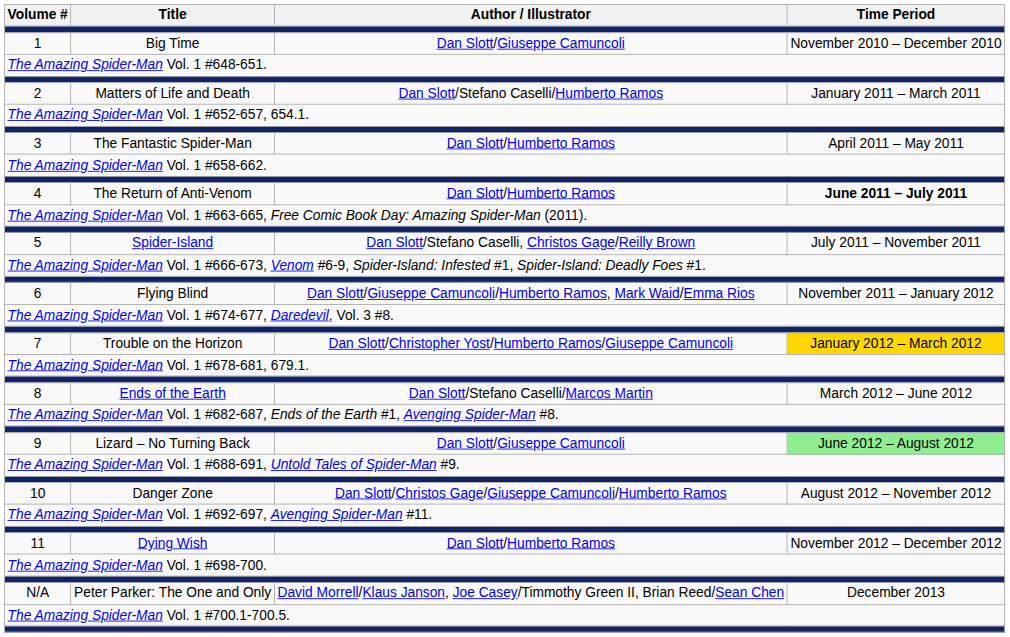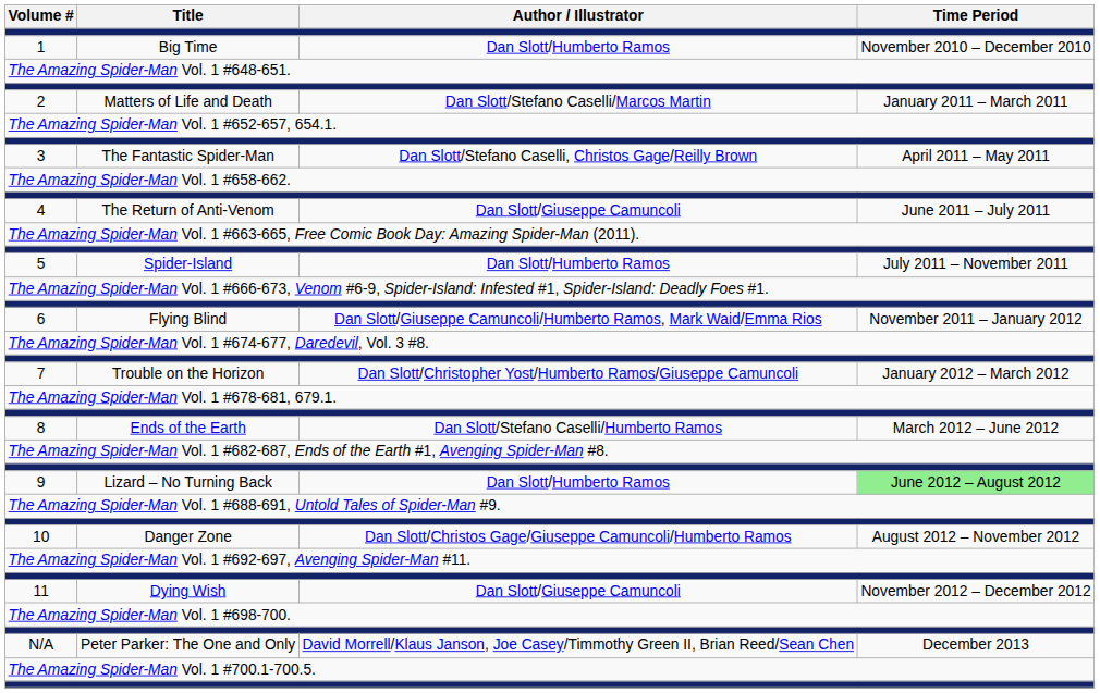 <table class="wikitable">
 <tr>
 <th>Volume #</th>
 <th>Title</th>
 <th>Author / Illustrator</th>
 <th>Time Period</th>
 </tr>
 <tr>
 <td colspan="6" bgcolor="#112266"></td>
 </tr>
 <tr>
 <td align="center">1</td>
 <td align="center">Big Time</td>
-<td align="center"><a href='#'>Dan Slott</a>/<a href='#'>Giuseppe Camuncoli</a></td>
+<td align="center"><a href='#'>Dan Slott</a>/<a href='#'>Humberto Ramos</a></td>
 <td align="center">November 2010 – December 2010</td>
 </tr>
 <tr>
 <td colspan="6"><em><a href='#'>The Amazing Spider-Man</a></em> Vol. 1 #648-651.</td>
 </tr>
 <tr>
 <td colspan="6" bgcolor="#112266"></td>
 </tr>
 <tr>
 <td align="center">2</td>
 <td align="center">Matters of Life and Death</td>
-<td align="center"><a href='#'>Dan Slott</a>/Stefano Caselli/<a href='#'>Humberto Ramos</a></td>
+<td align="center"><a href='#'>Dan Slott</a>/Stefano Caselli/<a href='#'>Marcos Martin</a></td>
 <td align="center">January 2011 – March 2011</td>
 </tr>
 <tr>
 <td colspan="6"><em><a href='#'>The Amazing Spider-Man</a></em> Vol. 1 #652-657, 654.1.</td>
 </tr>
 <tr>
 <td colspan="6" bgcolor="#112266"></td>
 </tr>
 <tr>
 <td align="center">3</td>
 <td align="center">The Fantastic Spider-Man</td>
-<td align="center"><a href='#'>Dan Slott</a>/<a href='#'>Humberto Ramos</a></td>
+<td align="center"><a href='#'>Dan Slott</a>/Stefano Caselli, <a href='#'>Christos Gage</a>/<a href='#'>Reilly Brown</a></td>
 <td align="center">April 2011 – May 2011</td>
 </tr>
 <tr>
 <td colspan="6"><em><a href='#'>The Amazing Spider-Man</a></em> Vol. 1 #658-662.</td>
 </tr>
 <tr>
 <td colspan="6" bgcolor="#112266"></td>
 </tr>
 <tr>
 <td align="center">4</td>
 <td align="center">The Return of Anti-Venom</td>
-<td align="center"><a href='#'>Dan Slott</a>/<a href='#'>Humberto Ramos</a></td>
-<td align="center"><strong>June 2011 – July 2011</strong></td>
+<td align="center"><a href='#'>Dan Slott</a>/<a href='#'>Giuseppe Camuncoli</a></td>
+<td align="center">June 2011 – July 2011</td>
 </tr>
 <tr>
 <td colspan="6"><em><a href='#'>The Amazing Spider-Man</a></em> Vol. 1 #663-665, <em>Free Comic Book Day: Amazing Spider-Man</em> (2011).</td>
 </tr>
 <tr>
 <td colspan="6" bgcolor="#112266"></td>
 </tr>
 <tr>
 <td align="center">5</td>
 <td align="center"><a href='#'>Spider-Island</a></td>
-<td align="center"><a href='#'>Dan Slott</a>/Stefano Caselli, <a href='#'>Christos Gage</a>/<a href='#'>Reilly Brown</a></td>
+<td align="center"><a href='#'>Dan Slott</a>/<a href='#'>Humberto Ramos</a></td>
 <td align="center">July 2011 – November 2011</td>
 </tr>
 <tr>
 <td colspan="6"><em><a href='#'>The Amazing Spider-Man</a></em> Vol. 1 #666-673, <em><a href='#'>Venom</a></em> #6-9, <em>Spider-Island: Infested</em> #1, <em>Spider-Island: Deadly Foes</em> #1.</td>
 </tr>
 <tr>
 <td colspan="6" bgcolor="#112266"></td>
 </tr>
 <tr>
 <td align="center">6</td>
 <td align="center">Flying Blind</td>
 <td align="center"><a href='#'>Dan Slott</a>/<a href='#'>Giuseppe Camuncoli</a>/<a href='#'>Humberto Ramos</a>, <a href='#'>Mark Waid</a>/<a href='#'>Emma Rios</a></td>
 <td align="center">November 2011 – January 2012</td>
 </tr>
 <tr>
 <td colspan="6"><em><a href='#'>The Amazing Spider-Man</a></em> Vol. 1 #674-677, <em><a href='#'>Daredevil</a></em>, Vol. 3 #8.</td>
 </tr>
 <tr>
 <td colspan="6" bgcolor="#112266"></td>
 </tr>
 <tr>
 <td align="center">7</td>
 <td align="center">Trouble on the Horizon</td>
 <td align="center"><a href='#'>Dan Slott</a>/<a href='#'>Christopher Yost</a>/<a href='#'>Humberto Ramos</a>/<a href='#'>Giuseppe Camuncoli</a></td>
-<td align="center" style="background: gold;">January 2012 – March 2012</td>
+<td align="center">January 2012 – March 2012</td>
 </tr>
 <tr>
 <td colspan="6"><em><a href='#'>The Amazing Spider-Man</a></em> Vol. 1 #678-681, 679.1.</td>
 </tr>
 <tr>
 <td colspan="6" bgcolor="#112266"></td>
 </tr>
 <tr>
 <td align="center">8</td>
 <td align="center"><a href='#'>Ends of the Earth</a></td>
-<td align="center"><a href='#'>Dan Slott</a>/Stefano Caselli/<a href='#'>Marcos Martin</a></td>
+<td align="center"><a href='#'>Dan Slott</a>/Stefano Caselli/<a href='#'>Humberto Ramos</a></td>
 <td align="center">March 2012 – June 2012</td>
 </tr>
 <tr>
 <td colspan="6"><em><a href='#'>The Amazing Spider-Man</a></em> Vol. 1 #682-687, <em>Ends of the Earth</em> #1, <em><a href='#'>Avenging Spider-Man</a></em> #8.</td>
 </tr>
 <tr>
 <td colspan="6" bgcolor="#112266"></td>
 </tr>
 <tr>
 <td align="center">9</td>
 <td align="center">Lizard – No Turning Back</td>
-<td align="center"><a href='#'>Dan Slott</a>/<a href='#'>Giuseppe Camuncoli</a></td>
+<td align="center"><a href='#'>Dan Slott</a>/<a href='#'>Humberto Ramos</a></td>
 <td align="center" style="background: lightgreen;">June 2012 – August 2012</td>
 </tr>
 <tr>
 <td colspan="6"><em><a href='#'>The Amazing Spider-Man</a></em> Vol. 1 #688-691, <em><a href='#'>Untold Tales of Spider-Man</a></em> #9.</td>
 </tr>
 <tr>
 <td colspan="6" bgcolor="#112266"></td>
 </tr>
 <tr>
 <td align="center">10</td>
 <td align="center">Danger Zone</td>
 <td align="center"><a href='#'>Dan Slott</a>/<a href='#'>Christos Gage</a>/<a href='#'>Giuseppe Camuncoli</a>/<a href='#'>Humberto Ramos</a></td>
 <td align="center">August 2012 – November 2012</td>
 </tr>
 <tr>
 <td colspan="6"><em><a href='#'>The Amazing Spider-Man</a></em> Vol. 1 #692-697, <em><a href='#'>Avenging Spider-Man</a></em> #11.</td>
 </tr>
 <tr>
 <td colspan="6" bgcolor="#112266"></td>
 </tr>
 <tr>
 <td align="center">11</td>
 <td align="center"><a href='#'>Dying Wish</a></td>
-<td align="center"><a href='#'>Dan Slott</a>/<a href='#'>Humberto Ramos</a></td>
+<td align="center"><a href='#'>Dan Slott</a>/<a href='#'>Giuseppe Camuncoli</a></td>
 <td align="center">November 2012 – December 2012</td>
 </tr>
 <tr>
 <td colspan="6"><em><a href='#'>The Amazing Spider-Man</a></em> Vol. 1 #698-700.</td>
 </tr>
 <tr>
 <td colspan="6" bgcolor="#112266"></td>
 </tr>
 <tr>
 <td align="center">N/A</td>
 <td align="center">Peter Parker: The One and Only</td>
 <td align="center"><a href='#'>David Morrell</a>/<a href='#'>Klaus Janson</a>, <a href='#'>Joe Casey</a>/Timmothy Green II, Brian Reed/<a href='#'>Sean Chen</a></td>
 <td align="center">December 2013</td>
 </tr>
 <tr>
 <td colspan="6"><em><a href='#'>The Amazing Spider-Man</a></em> Vol. 1 #700.1-700.5.</td>
 </tr>
 <tr>
 <td colspan="6" bgcolor="#112266"></td>
 </tr>
 <tr>
 </tr>
 </table>
